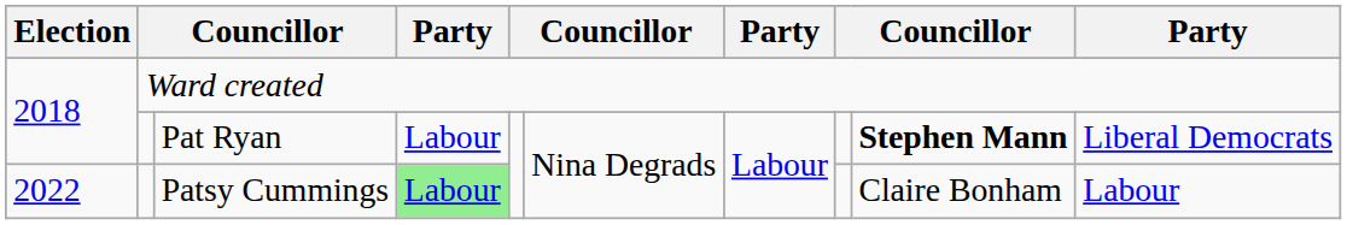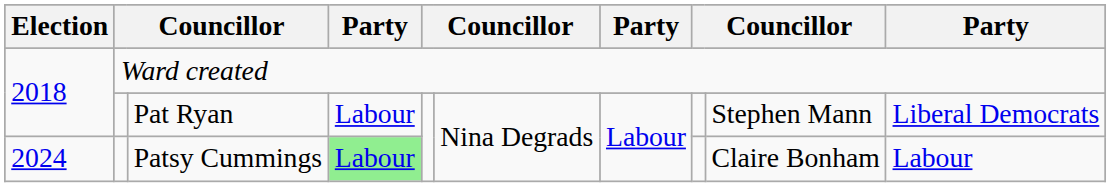 <table class="wikitable">
 <tr>
 <th>Election</th>
 <th colspan="2">Councillor</th>
 <th>Party</th>
 <th colspan="2">Councillor</th>
 <th>Party</th>
 <th colspan="2">Councillor</th>
 <th>Party</th>
 </tr>
 <tr>
 <td rowspan="2"><a href='#'>2018</a></td>
 <td colspan="12"><em>Ward created</em></td>
 </tr>
 <tr>
 <td style="background-color: "></td>
 <td>Pat Ryan</td>
 <td><a href='#'>Labour</a></td>
 <td rowspan="2" style="background-color: "></td>
 <td rowspan="2">Nina Degrads</td>
 <td rowspan="2"><a href='#'>Labour</a></td>
 <td style="background-color: "></td>
-<td><strong>Stephen Mann</strong></td>
+<td>Stephen Mann</td>
 <td><a href='#'>Liberal Democrats</a></td>
 </tr>
 <tr>
-<td><a href='#'>2022</a></td>
+<td><a href='#'>2024</a></td>
 <td style="background-color: "></td>
 <td>Patsy Cummings</td>
 <td style="background: lightgreen;"><a href='#'>Labour</a></td>
 <td style="background-color: "></td>
 <td>Claire Bonham</td>
 <td><a href='#'>Labour</a></td>
 </tr>
 </table>
